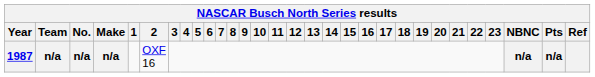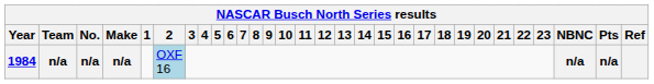 <table class="wikitable">
 <tr>
 <th colspan="30"><a href='#'>NASCAR Busch North Series</a> results</th>
 </tr>
 <tr>
 <th>Year</th>
 <th>Team</th>
 <th>No.</th>
 <th>Make</th>
 <th>1</th>
 <th>2</th>
 <th>3</th>
 <th>4</th>
 <th>5</th>
 <th>6</th>
 <th>7</th>
 <th>8</th>
 <th>9</th>
 <th>10</th>
 <th>11</th>
 <th>12</th>
 <th>13</th>
 <th>14</th>
 <th>15</th>
 <th>16</th>
 <th>17</th>
 <th>18</th>
 <th>19</th>
 <th>20</th>
 <th>21</th>
 <th>22</th>
 <th>23</th>
 <th>NBNC</th>
 <th>Pts</th>
 <th>Ref</th>
 </tr>
 <tr>
-<th><a href='#'>1987</a></th>
+<th><a href='#'>1984</a></th>
 <th>n/a</th>
 <th>n/a</th>
 <th>n/a</th>
 <td></td>
-<td><a href='#'>OXF</a><br>16</td>
+<td style="background: lightblue;"><a href='#'>OXF</a><br>16</td>
 <td colspan="21"></td>
 <th>n/a</th>
 <th>n/a</th>
 <th></th>
 </tr>
 </table>
